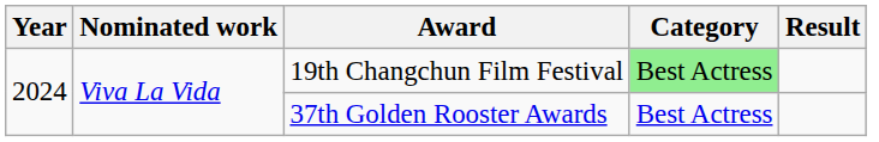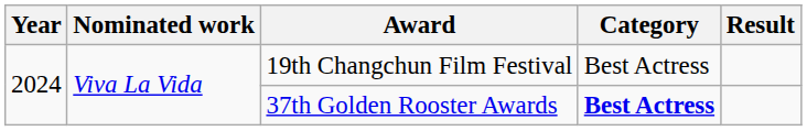 <table class="wikitable sortable">
 <tr>
 <th>Year</th>
 <th>Nominated work</th>
 <th>Award</th>
 <th>Category</th>
 <th>Result</th>
 </tr>
 <tr>
 <td rowspan="2">2024</td>
 <td rowspan="2"><em><a href='#'>Viva La Vida</a></em></td>
 <td>19th Changchun Film Festival</td>
-<td style="background: lightgreen;">Best Actress</td>
+<td>Best Actress</td>
 <td></td>
 </tr>
 <tr>
 <td><a href='#'>37th Golden Rooster Awards</a></td>
-<td><a href='#'>Best Actress</a></td>
+<td><strong><a href='#'>Best Actress</a></strong></td>
 <td></td>
 </tr>
 </table>
